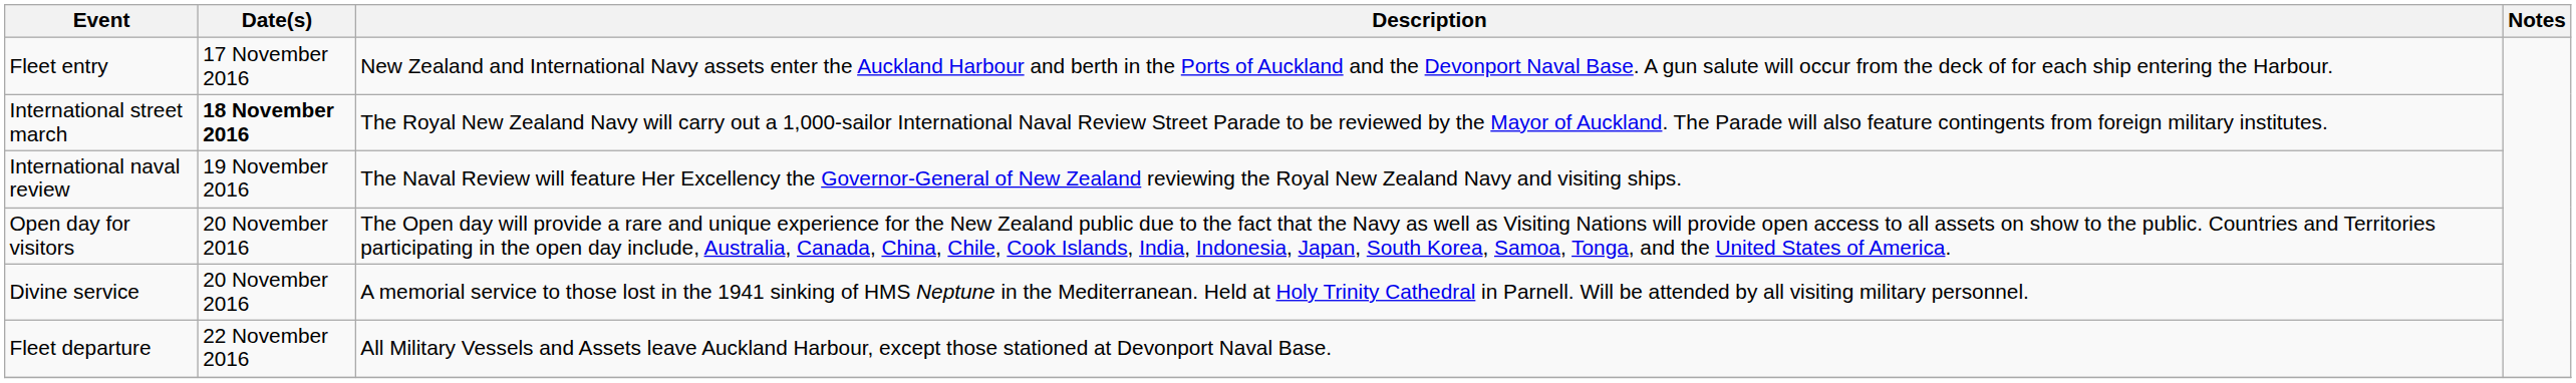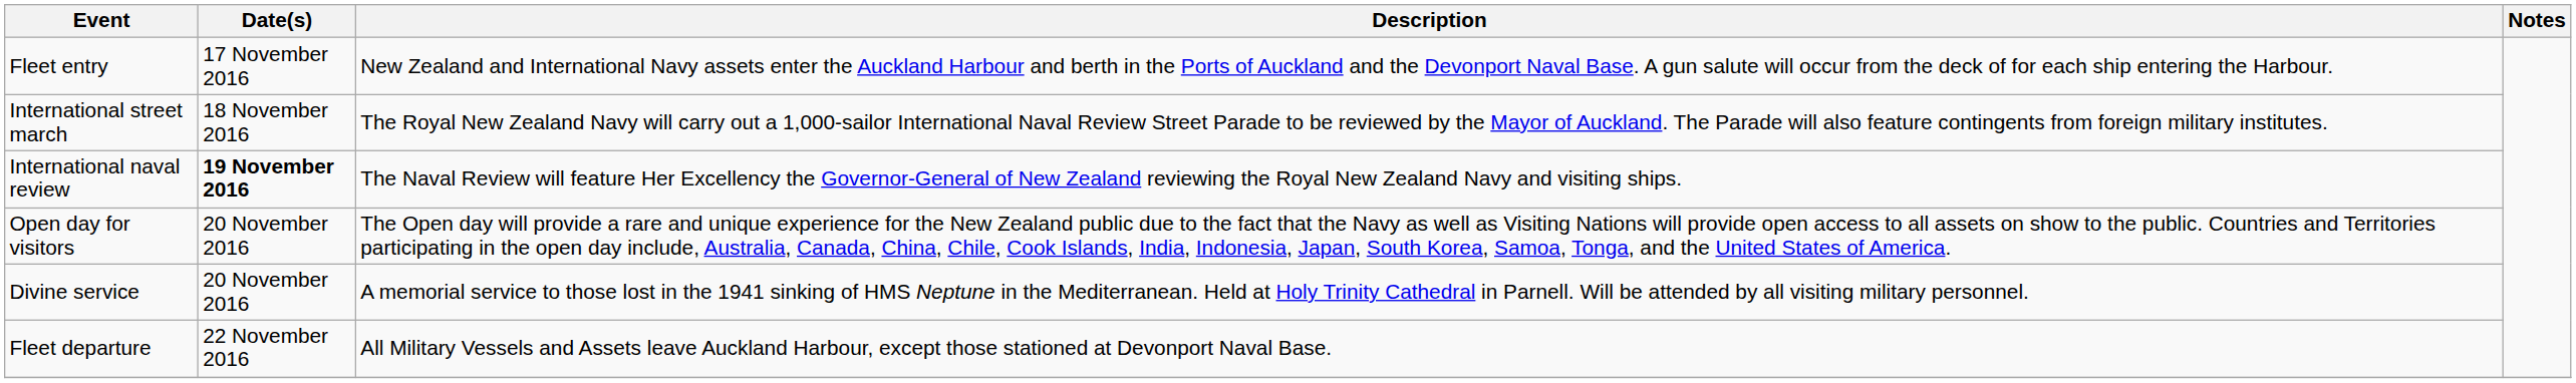 <table class="wikitable">
 <tr>
 <th>Event</th>
 <th>Date(s)</th>
 <th>Description</th>
 <th>Notes</th>
 </tr>
 <tr>
 <td>Fleet entry</td>
 <td>17 November 2016</td>
 <td>New Zealand and International Navy assets enter the <a href='#'>Auckland Harbour</a> and berth in the <a href='#'>Ports of Auckland</a> and the <a href='#'>Devonport Naval Base</a>. A gun salute will occur from the deck of  for each ship entering the Harbour.</td>
 <td rowspan= "6"></td>
 </tr>
 <tr>
 <td>International street march</td>
-<td><strong>18 November 2016</strong></td>
+<td>18 November 2016</td>
 <td>The Royal New Zealand Navy will carry out a 1,000-sailor International Naval Review Street Parade to be reviewed by the <a href='#'>Mayor of Auckland</a>. The Parade will also feature contingents from foreign military institutes.</td>
 </tr>
 <tr>
 <td>International naval review</td>
-<td>19 November 2016</td>
+<td><strong>19 November 2016</strong></td>
 <td>The Naval Review will feature Her Excellency the <a href='#'>Governor-General of New Zealand</a> reviewing the Royal New Zealand Navy and visiting ships.</td>
 </tr>
 <tr>
 <td>Open day for visitors</td>
 <td>20 November 2016</td>
 <td>The Open day will provide a rare and unique experience for the New Zealand public due to the fact that the Navy as well as Visiting Nations will provide open access to all assets on show to the public. Countries and Territories participating in the open day include, <a href='#'>Australia</a>, <a href='#'>Canada</a>, <a href='#'>China</a>, <a href='#'>Chile</a>, <a href='#'>Cook Islands</a>, <a href='#'>India</a>, <a href='#'>Indonesia</a>, <a href='#'>Japan</a>, <a href='#'>South Korea</a>, <a href='#'>Samoa</a>, <a href='#'>Tonga</a>, and the <a href='#'>United States of America</a>.</td>
 </tr>
 <tr>
 <td>Divine service</td>
 <td>20 November 2016</td>
 <td>A memorial service to those lost in the 1941 sinking of HMS <em>Neptune</em> in the Mediterranean. Held at <a href='#'>Holy Trinity Cathedral</a> in Parnell. Will be attended by all visiting military personnel.</td>
 </tr>
 <tr>
 <td>Fleet departure</td>
 <td>22 November 2016</td>
 <td>All Military Vessels and Assets leave Auckland Harbour, except those stationed at Devonport Naval Base.</td>
 </tr>
 <tr>
 </tr>
 </table>
